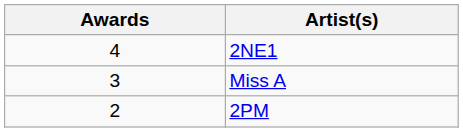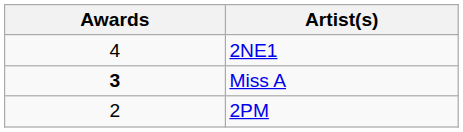 <table class="wikitable"  style="width:30%;">
 <tr>
 <th scope="col">Awards</th>
 <th scope="col">Artist(s)</th>
 </tr>
 <tr>
 <td align=center>4</td>
 <td><a href='#'>2NE1</a></td>
 </tr>
 <tr>
-<td align=center>3</td>
+<td align=center><strong>3</strong></td>
 <td><a href='#'>Miss A</a></td>
 </tr>
 <tr>
 <td align=center>2</td>
 <td><a href='#'>2PM</a></td>
 </tr>
 </table>
